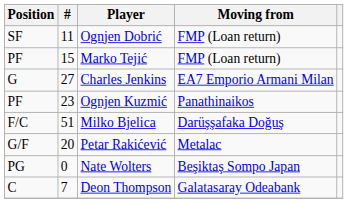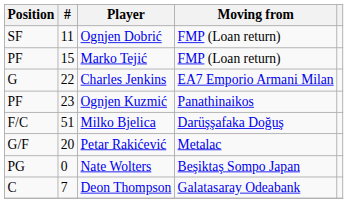 <table class="wikitable sortable" style="text-align: left;">
 <tr>
 <th>Position</th>
 <th>#</th>
 <th>Player</th>
 <th>Moving from</th>
 <th></th>
 </tr>
 <tr>
 <td>SF</td>
 <td>11</td>
 <td> <a href='#'>Ognjen Dobrić</a></td>
 <td> <a href='#'>FMP</a> (Loan return)</td>
 <td></td>
 </tr>
 <tr>
 <td>PF</td>
 <td>15</td>
 <td> <a href='#'>Marko Tejić</a></td>
 <td> <a href='#'>FMP</a> (Loan return)</td>
 <td></td>
 </tr>
 <tr>
 <td>G</td>
-<td>27</td>
+<td>22</td>
 <td> <a href='#'>Charles Jenkins</a></td>
 <td> <a href='#'>EA7 Emporio Armani Milan</a></td>
 <td></td>
 </tr>
 <tr>
 <td>PF</td>
 <td>23</td>
 <td> <a href='#'>Ognjen Kuzmić</a></td>
 <td> <a href='#'>Panathinaikos</a></td>
 <td></td>
 </tr>
 <tr>
 <td>F/C</td>
 <td>51</td>
 <td> <a href='#'>Milko Bjelica</a></td>
 <td> <a href='#'>Darüşşafaka Doğuş</a></td>
 <td></td>
 </tr>
 <tr>
 <td>G/F</td>
 <td>20</td>
 <td> <a href='#'>Petar Rakićević</a></td>
 <td> <a href='#'>Metalac</a></td>
 <td></td>
 </tr>
 <tr>
 <td>PG</td>
 <td>0</td>
 <td> <a href='#'>Nate Wolters</a></td>
 <td> <a href='#'>Beşiktaş Sompo Japan</a></td>
 <td></td>
 </tr>
 <tr>
 <td>C</td>
 <td>7</td>
 <td> <a href='#'>Deon Thompson</a></td>
 <td> <a href='#'>Galatasaray Odeabank</a></td>
 <td></td>
 </tr>
 <tr>
 </tr>
 </table>
